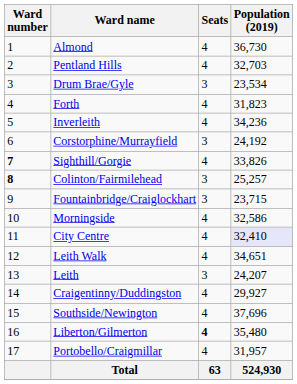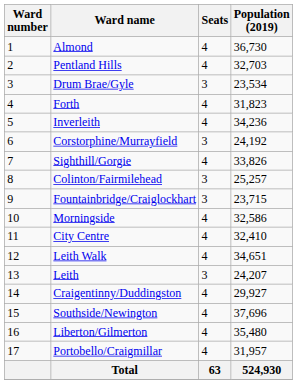 <table class="wikitable sortable">
 <tr>
 <th>Ward<br>number</th>
 <th>Ward name</th>
 <th>Seats</th>
 <th>Population<br>(2019)</th>
 </tr>
 <tr>
 <td>1</td>
 <td><a href='#'>Almond</a></td>
 <td>4</td>
 <td>36,730</td>
 </tr>
 <tr>
 <td>2</td>
 <td><a href='#'>Pentland Hills</a></td>
 <td>4</td>
 <td>32,703</td>
 </tr>
 <tr>
 <td>3</td>
 <td><a href='#'>Drum Brae/Gyle</a></td>
 <td>3</td>
 <td>23,534</td>
 </tr>
 <tr>
 <td>4</td>
 <td><a href='#'>Forth</a></td>
 <td>4</td>
 <td>31,823</td>
 </tr>
 <tr>
 <td>5</td>
 <td><a href='#'>Inverleith</a></td>
 <td>4</td>
 <td>34,236</td>
 </tr>
 <tr>
 <td>6</td>
 <td><a href='#'>Corstorphine/Murrayfield</a></td>
 <td>3</td>
 <td>24,192</td>
 </tr>
 <tr>
-<td><strong>7</strong></td>
+<td>7</td>
 <td><a href='#'>Sighthill/Gorgie</a></td>
 <td>4</td>
 <td>33,826</td>
 </tr>
 <tr>
-<td><strong>8</strong></td>
+<td>8</td>
 <td><a href='#'>Colinton/Fairmilehead</a></td>
 <td>3</td>
 <td>25,257</td>
 </tr>
 <tr>
 <td>9</td>
 <td><a href='#'>Fountainbridge/Craiglockhart</a></td>
 <td>3</td>
 <td>23,715</td>
 </tr>
 <tr>
 <td>10</td>
 <td><a href='#'>Morningside</a></td>
 <td>4</td>
 <td>32,586</td>
 </tr>
 <tr>
 <td>11</td>
 <td><a href='#'>City Centre</a></td>
 <td>4</td>
-<td style="background: lavender;">32,410</td>
+<td>32,410</td>
 </tr>
 <tr>
 <td>12</td>
 <td><a href='#'>Leith Walk</a></td>
 <td>4</td>
 <td>34,651</td>
 </tr>
 <tr>
 <td>13</td>
 <td><a href='#'>Leith</a></td>
 <td>3</td>
 <td>24,207</td>
 </tr>
 <tr>
 <td>14</td>
 <td><a href='#'>Craigentinny/Duddingston</a></td>
 <td>4</td>
 <td>29,927</td>
 </tr>
 <tr>
 <td>15</td>
 <td><a href='#'>Southside/Newington</a></td>
 <td>4</td>
 <td>37,696</td>
 </tr>
 <tr>
 <td>16</td>
 <td><a href='#'>Liberton/Gilmerton</a></td>
-<td><strong>4</strong></td>
+<td>4</td>
 <td>35,480</td>
 </tr>
 <tr>
 <td>17</td>
 <td><a href='#'>Portobello/Craigmillar</a></td>
 <td>4</td>
 <td>31,957</td>
 </tr>
 <tr>
 <th></th>
 <th>Total</th>
 <th>63</th>
 <th>524,930</th>
 </tr>
 <tr>
 </tr>
 </table>
